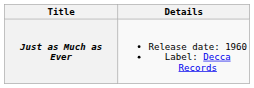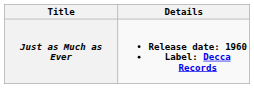 <table class="wikitable plainrowheaders" style="text-align:center;">
 <tr>
 <th style="width:12em;">Title</th>
 <th style="width:14em;">Details</th>
 </tr>
 <tr>
 <th scope="row"><em>Just as Much as Ever</em></th>
-<td><br><ul><li>Release date: 1960</li><li>Label: <a href='#'>Decca Records</a></li></ul></td>
+<td><strong><br><ul><li>Release date: 1960</li><li>Label: <a href='#'>Decca Records</a></li></ul></strong></td>
 </tr>
 </table>
